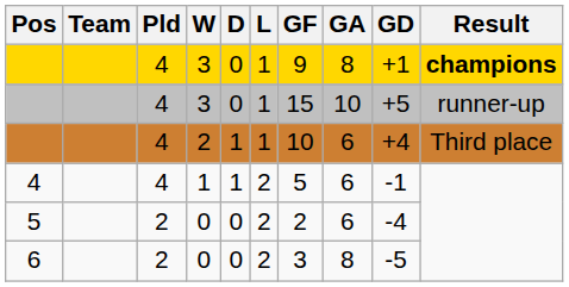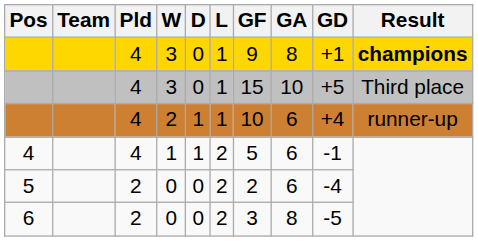 <table class="wikitable" style="text-align:center;">
 <tr>
 <th>Pos</th>
 <th>Team</th>
 <th>Pld</th>
 <th>W</th>
 <th>D</th>
 <th>L</th>
 <th>GF</th>
 <th>GA</th>
 <th>GD</th>
 <th>Result</th>
 </tr>
 <tr style="background:#FFD700;">
 <td></td>
 <td></td>
 <td>4</td>
 <td>3</td>
 <td>0</td>
 <td>1</td>
 <td>9</td>
 <td>8</td>
 <td>+1</td>
 <td><strong>champions</strong></td>
 </tr>
 <tr style="background:#C0C0C0;">
 <td></td>
 <td></td>
 <td>4</td>
 <td>3</td>
 <td>0</td>
 <td>1</td>
 <td>15</td>
 <td>10</td>
 <td>+5</td>
-<td>runner-up</td>
+<td>Third place</td>
 </tr>
 <tr style="background:#CD7F32;">
 <td></td>
 <td></td>
 <td>4</td>
 <td>2</td>
 <td>1</td>
 <td>1</td>
 <td>10</td>
 <td>6</td>
 <td>+4</td>
-<td>Third place</td>
+<td>runner-up</td>
 </tr>
 <tr>
 <td>4</td>
 <td></td>
 <td>4</td>
 <td>1</td>
 <td>1</td>
 <td>2</td>
 <td>5</td>
 <td>6</td>
 <td>-1</td>
 <td rowspan="3"></td>
 </tr>
 <tr>
 <td>5</td>
 <td></td>
 <td>2</td>
 <td>0</td>
 <td>0</td>
 <td>2</td>
 <td>2</td>
 <td>6</td>
 <td>-4</td>
 </tr>
 <tr>
 <td>6</td>
 <td></td>
 <td>2</td>
 <td>0</td>
 <td>0</td>
 <td>2</td>
 <td>3</td>
 <td>8</td>
 <td>-5</td>
 </tr>
 </table>
